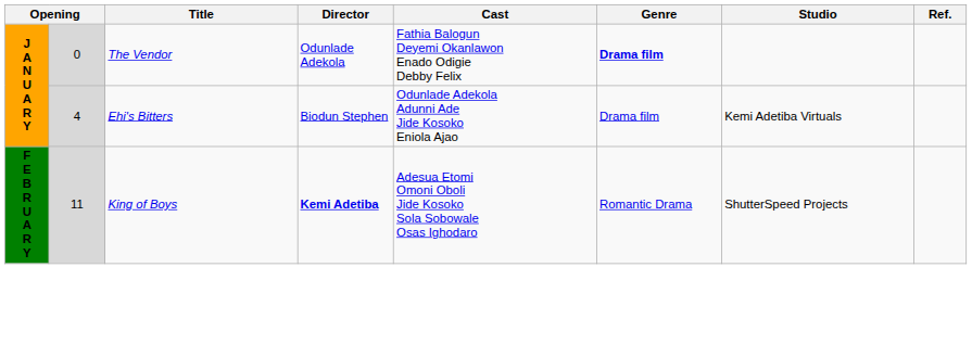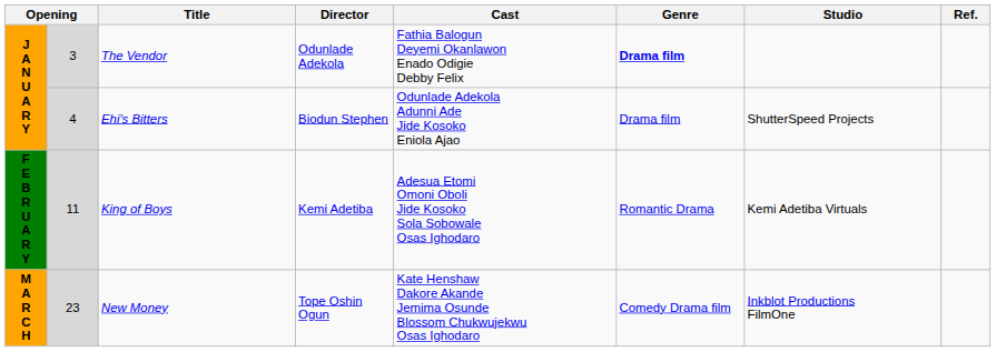 <table class="wikitable">
 <tr>
 <th colspan="2">Opening</th>
 <th style="width:20%;">Title</th>
 <th style="width:10%;">Director</th>
 <th>Cast</th>
 <th style="width:13%">Genre</th>
 <th style="width:20%">Studio</th>
 <th>Ref.</th>
 </tr>
 <tr>
 <td rowspan=2 style="text-align:center; background:orange; textcolor:#000;"><strong>J<br>A<br>N<br>U<br>A<br>R<br>Y<br></strong></td>
-<td rowspan=1 style="text-align:center; background:#d8d8d8; textcolor:#000;">0</td>
+<td rowspan=1 style="text-align:center; background:#d8d8d8; textcolor:#000;">3</td>
 <td><em><a href='#'>The Vendor</a></em></td>
 <td><a href='#'>Odunlade Adekola</a></td>
 <td><a href='#'>Fathia Balogun</a><br><a href='#'>Deyemi Okanlawon</a><br>Enado Odigie<br>Debby Felix</td>
 <td><strong><a href='#'>Drama film</a></strong></td>
 <td></td>
 <td></td>
 </tr>
 <tr>
 <td rowspan=1 style="text-align:center; background:#d8d8d8; textcolor:#000;">4</td>
 <td><em><a href='#'>Ehi's Bitters</a></em></td>
 <td><a href='#'>Biodun Stephen</a></td>
 <td><a href='#'>Odunlade Adekola</a><br><a href='#'>Adunni Ade</a><br><a href='#'>Jide Kosoko</a><br>Eniola Ajao</td>
 <td><a href='#'>Drama film</a></td>
-<td>Kemi Adetiba Virtuals</td>
+<td>ShutterSpeed Projects</td>
 <td></td>
 </tr>
 <tr>
 <td rowspan=1 style="text-align:center; background:green; textcolor:#000;"><strong>F<br>E<br>B<br>R<br>U<br>A<br>R<br>Y<br></strong></td>
 <td rowspan=1 style="text-align:center; background:#d8d8d8; textcolor:#000;">11</td>
 <td><em><a href='#'>King of Boys</a></em></td>
-<td><strong><a href='#'>Kemi Adetiba</a></strong></td>
+<td><a href='#'>Kemi Adetiba</a></td>
 <td><a href='#'>Adesua Etomi</a><br><a href='#'>Omoni Oboli</a><br><a href='#'>Jide Kosoko</a> <br> <a href='#'>Sola Sobowale</a><br><a href='#'>Osas Ighodaro</a></td>
 <td><a href='#'>Romantic Drama</a></td>
-<td>ShutterSpeed Projects</td>
+<td>Kemi Adetiba Virtuals</td>
+<td></td>
+</tr>
+<tr>
+<td rowspan=1 style="text-align:center; background:orange; textcolor:#000;"><strong>M<br>A<br>R<br>C<br>H<br></strong></td>
+<td rowspan=1 style="text-align:center; background:#d8d8d8; textcolor:#000;">23</td>
+<td><em><a href='#'>New Money</a></em></td>
+<td><a href='#'>Tope Oshin Ogun</a></td>
+<td><a href='#'>Kate Henshaw</a><br><a href='#'>Dakore Akande</a><br><a href='#'>Jemima Osunde</a><br><a href='#'>Blossom Chukwujekwu</a><br><a href='#'>Osas Ighodaro</a></td>
+<td><a href='#'>Comedy Drama film</a></td>
+<td><a href='#'>Inkblot Productions</a><br>FilmOne</td>
 <td></td>
 </tr>
 </table>
